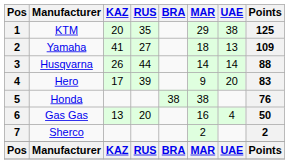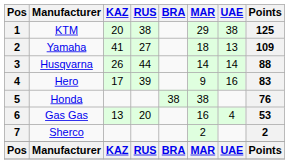 <table class="wikitable" style="font-size: 85%; text-align: center; display: inline-table;">
 <tr valign="top">
 <th valign="middle">Pos</th>
 <th valign="middle">Manufacturer</th>
 <th><a href='#'>KAZ</a><br></th>
 <th><a href='#'>RUS</a><br></th>
 <th><a href='#'>BRA</a><br></th>
 <th><a href='#'>MAR</a><br></th>
 <th><a href='#'>UAE</a><br></th>
 <th valign="middle">Points</th>
 </tr>
 <tr>
 <th>1</th>
 <td> <a href='#'>KTM</a></td>
 <td style="background:#dfffdf;">20</td>
-<td style="background:#dfffdf;">35</td>
+<td style="background:#dfffdf;">38</td>
 <td></td>
 <td style="background:#dfffdf;">29</td>
 <td style="background:#dfffdf;">38</td>
 <th>125</th>
 </tr>
 <tr>
 <th>2</th>
 <td> <a href='#'>Yamaha</a></td>
 <td style="background:#dfffdf;">41</td>
 <td style="background:#dfffdf;">27</td>
 <td></td>
 <td style="background:#dfffdf;">18</td>
 <td style="background:#dfffdf;">13</td>
 <th>109</th>
 </tr>
 <tr>
 <th>3</th>
 <td> <a href='#'>Husqvarna</a></td>
 <td style="background:#dfffdf;">26</td>
 <td style="background:#dfffdf;">44</td>
 <td></td>
 <td style="background:#dfffdf;">14</td>
 <td style="background:#dfffdf;">14</td>
 <th>88</th>
 </tr>
 <tr>
 <th>4</th>
 <td> <a href='#'>Hero</a></td>
 <td style="background:#dfffdf;">17</td>
 <td style="background:#dfffdf;">39</td>
 <td></td>
 <td style="background:#dfffdf;">9</td>
-<td style="background:#dfffdf;">20</td>
+<td style="background:#dfffdf;">16</td>
 <th>83</th>
 </tr>
 <tr>
 <th>5</th>
 <td> <a href='#'>Honda</a></td>
 <td></td>
 <td></td>
 <td style="background:#dfffdf;">38</td>
 <td style="background:#dfffdf;">38</td>
 <td></td>
 <th>76</th>
 </tr>
 <tr>
 <th>6</th>
 <td> <a href='#'>Gas Gas</a></td>
 <td style="background:#dfffdf;">13</td>
 <td style="background:#dfffdf;">20</td>
 <td></td>
 <td style="background:#dfffdf;">16</td>
 <td style="background:#dfffdf;">4</td>
-<th>50</th>
+<th>53</th>
 </tr>
 <tr>
 <th>7</th>
 <td> <a href='#'>Sherco</a></td>
 <td></td>
 <td></td>
 <td></td>
 <td style="background:#dfffdf;">2</td>
 <td></td>
 <th>2</th>
 </tr>
 <tr>
 </tr>
 <tr valign="top">
 <th valign="middle">Pos</th>
 <th valign="middle">Manufacturer</th>
 <th><a href='#'>KAZ</a><br></th>
 <th><a href='#'>RUS</a><br></th>
 <th><a href='#'>BRA</a><br></th>
 <th><a href='#'>MAR</a><br></th>
 <th><a href='#'>UAE</a><br></th>
 <th valign="middle">Points</th>
 </tr>
 <tr>
 </tr>
 </table>
